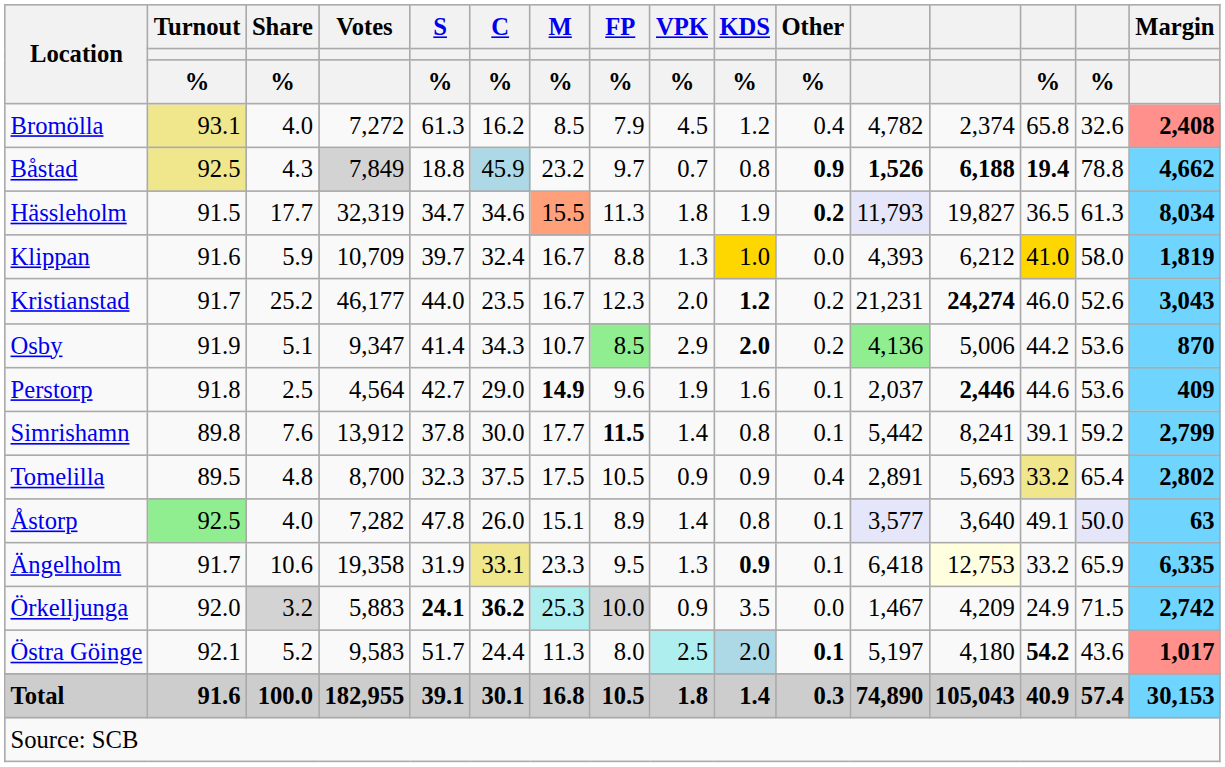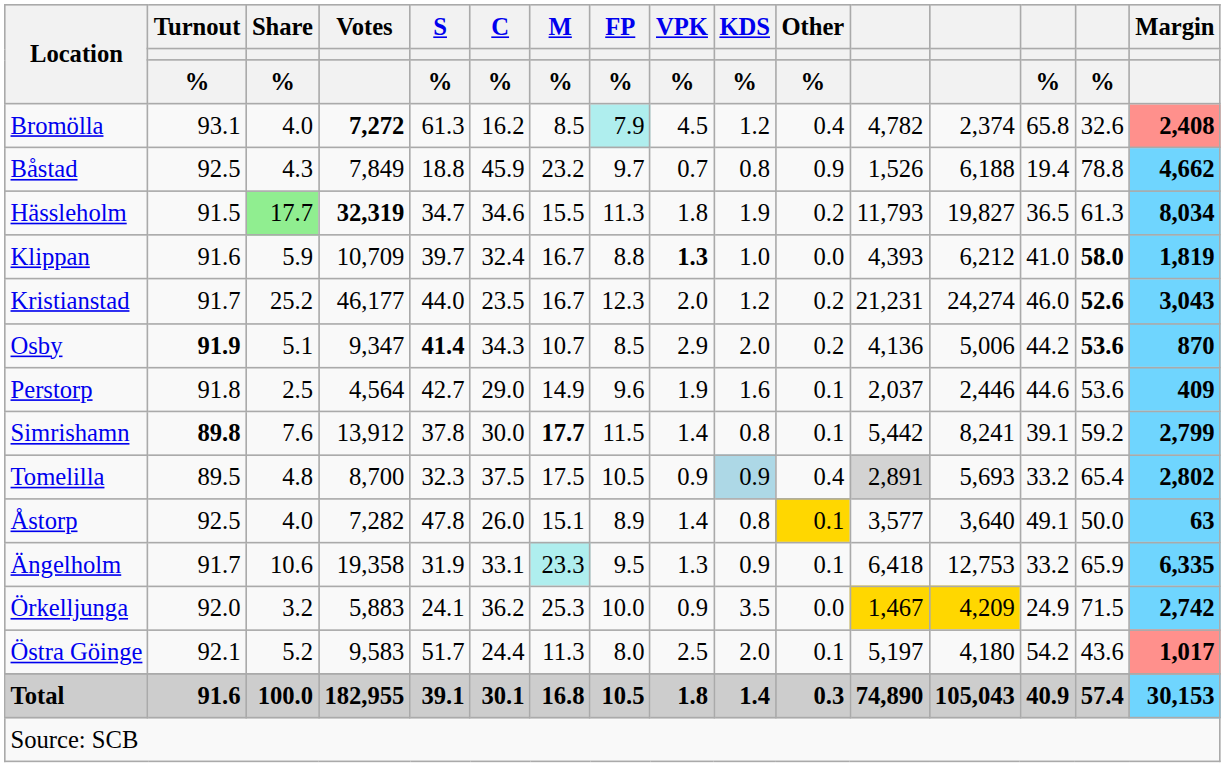 <table class="wikitable sortable" style="text-align:right; font-size:95%; line-height:20px;">
 <tr>
 <th rowspan="3">Location</th>
 <th>Turnout</th>
 <th>Share</th>
 <th>Votes</th>
 <th width="30px" class="unsortable"><a href='#'>S</a></th>
 <th width="30px" class="unsortable"><a href='#'>C</a></th>
 <th width="30px" class="unsortable"><a href='#'>M</a></th>
 <th width="30px" class="unsortable"><a href='#'>FP</a></th>
 <th width="30px" class="unsortable"><a href='#'>VPK</a></th>
 <th width="30px" class="unsortable"><a href='#'>KDS</a></th>
 <th width="30px" class="unsortable">Other</th>
 <th></th>
 <th></th>
 <th></th>
 <th></th>
 <th>Margin</th>
 </tr>
 <tr>
 <th></th>
 <th></th>
 <th></th>
 <th style="background:"></th>
 <th style="background:"></th>
 <th style="background:"></th>
 <th style="background:"></th>
 <th style="background:"></th>
 <th style="background:"></th>
 <th style="background:"></th>
 <th style="background:"></th>
 <th style="background:"></th>
 <th style="background:"></th>
 <th style="background:"></th>
 <th></th>
 </tr>
 <tr>
 <th data-sort-type="number">%</th>
 <th data-sort-type="number">%</th>
 <th></th>
 <th data-sort-type="number">%</th>
 <th data-sort-type="number">%</th>
 <th data-sort-type="number">%</th>
 <th data-sort-type="number">%</th>
 <th data-sort-type="number">%</th>
 <th data-sort-type="number">%</th>
 <th data-sort-type="number">%</th>
 <th data-sort-type="number"></th>
 <th data-sort-type="number"></th>
 <th data-sort-type="number">%</th>
 <th data-sort-type="number">%</th>
 <th data-sort-type="number"></th>
 </tr>
 <tr>
 <td align=left><a href='#'>Bromölla</a></td>
-<td style="background: khaki;">93.1</td>
+<td>93.1</td>
 <td>4.0</td>
-<td>7,272</td>
+<td><strong>7,272</strong></td>
 <td>61.3</td>
 <td>16.2</td>
 <td>8.5</td>
-<td>7.9</td>
+<td style="background: paleturquoise;">7.9</td>
 <td>4.5</td>
 <td>1.2</td>
 <td>0.4</td>
 <td>4,782</td>
 <td>2,374</td>
 <td>65.8</td>
 <td>32.6</td>
 <td bgcolor=#ff908c><strong>2,408</strong></td>
 </tr>
 <tr>
 <td align=left><a href='#'>Båstad</a></td>
-<td style="background: khaki;">92.5</td>
+<td>92.5</td>
 <td>4.3</td>
-<td style="background: lightgrey;">7,849</td>
+<td>7,849</td>
 <td>18.8</td>
-<td style="background: lightblue;">45.9</td>
+<td>45.9</td>
 <td>23.2</td>
 <td>9.7</td>
 <td>0.7</td>
 <td>0.8</td>
-<td><strong>0.9</strong></td>
-<td><strong>1,526</strong></td>
-<td><strong>6,188</strong></td>
-<td><strong>19.4</strong></td>
+<td>0.9</td>
+<td>1,526</td>
+<td>6,188</td>
+<td>19.4</td>
 <td>78.8</td>
 <td bgcolor=#6fd5fe><strong>4,662</strong></td>
 </tr>
 <tr>
 <td align=left><a href='#'>Hässleholm</a></td>
 <td>91.5</td>
-<td>17.7</td>
-<td>32,319</td>
+<td style="background: lightgreen;">17.7</td>
+<td><strong>32,319</strong></td>
 <td>34.7</td>
 <td>34.6</td>
-<td style="background: lightsalmon;">15.5</td>
+<td>15.5</td>
 <td>11.3</td>
 <td>1.8</td>
 <td>1.9</td>
-<td><strong>0.2</strong></td>
-<td style="background: lavender;">11,793</td>
+<td>0.2</td>
+<td>11,793</td>
 <td>19,827</td>
 <td>36.5</td>
 <td>61.3</td>
 <td bgcolor=#6fd5fe><strong>8,034</strong></td>
 </tr>
 <tr>
 <td align=left><a href='#'>Klippan</a></td>
 <td>91.6</td>
 <td>5.9</td>
 <td>10,709</td>
 <td>39.7</td>
 <td>32.4</td>
 <td>16.7</td>
 <td>8.8</td>
-<td>1.3</td>
-<td style="background: gold;">1.0</td>
+<td><strong>1.3</strong></td>
+<td>1.0</td>
 <td>0.0</td>
 <td>4,393</td>
 <td>6,212</td>
-<td style="background: gold;">41.0</td>
-<td>58.0</td>
+<td>41.0</td>
+<td><strong>58.0</strong></td>
 <td bgcolor=#6fd5fe><strong>1,819</strong></td>
 </tr>
 <tr>
 <td align=left><a href='#'>Kristianstad</a></td>
 <td>91.7</td>
 <td>25.2</td>
 <td>46,177</td>
 <td>44.0</td>
 <td>23.5</td>
 <td>16.7</td>
 <td>12.3</td>
 <td>2.0</td>
-<td><strong>1.2</strong></td>
+<td>1.2</td>
 <td>0.2</td>
 <td>21,231</td>
-<td><strong>24,274</strong></td>
+<td>24,274</td>
 <td>46.0</td>
-<td>52.6</td>
+<td><strong>52.6</strong></td>
 <td bgcolor=#6fd5fe><strong>3,043</strong></td>
 </tr>
 <tr>
 <td align=left><a href='#'>Osby</a></td>
-<td>91.9</td>
+<td><strong>91.9</strong></td>
 <td>5.1</td>
 <td>9,347</td>
-<td>41.4</td>
+<td><strong>41.4</strong></td>
 <td>34.3</td>
 <td>10.7</td>
-<td style="background: lightgreen;">8.5</td>
+<td>8.5</td>
 <td>2.9</td>
-<td><strong>2.0</strong></td>
+<td>2.0</td>
 <td>0.2</td>
-<td style="background: lightgreen;">4,136</td>
+<td>4,136</td>
 <td>5,006</td>
 <td>44.2</td>
-<td>53.6</td>
+<td><strong>53.6</strong></td>
 <td bgcolor=#6fd5fe><strong>870</strong></td>
 </tr>
 <tr>
 <td align=left><a href='#'>Perstorp</a></td>
 <td>91.8</td>
 <td>2.5</td>
 <td>4,564</td>
 <td>42.7</td>
 <td>29.0</td>
-<td><strong>14.9</strong></td>
+<td>14.9</td>
 <td>9.6</td>
 <td>1.9</td>
 <td>1.6</td>
 <td>0.1</td>
 <td>2,037</td>
-<td><strong>2,446</strong></td>
+<td>2,446</td>
 <td>44.6</td>
 <td>53.6</td>
 <td bgcolor=#6fd5fe><strong>409</strong></td>
 </tr>
 <tr>
 <td align=left><a href='#'>Simrishamn</a></td>
-<td>89.8</td>
+<td><strong>89.8</strong></td>
 <td>7.6</td>
 <td>13,912</td>
 <td>37.8</td>
 <td>30.0</td>
-<td>17.7</td>
-<td><strong>11.5</strong></td>
+<td><strong>17.7</strong></td>
+<td>11.5</td>
 <td>1.4</td>
 <td>0.8</td>
 <td>0.1</td>
 <td>5,442</td>
 <td>8,241</td>
 <td>39.1</td>
 <td>59.2</td>
 <td bgcolor=#6fd5fe><strong>2,799</strong></td>
 </tr>
 <tr>
 <td align=left><a href='#'>Tomelilla</a></td>
 <td>89.5</td>
 <td>4.8</td>
 <td>8,700</td>
 <td>32.3</td>
 <td>37.5</td>
 <td>17.5</td>
 <td>10.5</td>
 <td>0.9</td>
-<td>0.9</td>
+<td style="background: lightblue;">0.9</td>
 <td>0.4</td>
-<td>2,891</td>
+<td style="background: lightgrey;">2,891</td>
 <td>5,693</td>
-<td style="background: khaki;">33.2</td>
+<td>33.2</td>
 <td>65.4</td>
 <td bgcolor=#6fd5fe><strong>2,802</strong></td>
 </tr>
 <tr>
 <td align=left><a href='#'>Åstorp</a></td>
-<td style="background: lightgreen;">92.5</td>
+<td>92.5</td>
 <td>4.0</td>
 <td>7,282</td>
 <td>47.8</td>
 <td>26.0</td>
 <td>15.1</td>
 <td>8.9</td>
 <td>1.4</td>
 <td>0.8</td>
-<td>0.1</td>
-<td style="background: lavender;">3,577</td>
+<td style="background: gold;">0.1</td>
+<td>3,577</td>
 <td>3,640</td>
 <td>49.1</td>
-<td style="background: lavender;">50.0</td>
+<td>50.0</td>
 <td bgcolor=#6fd5fe><strong>63</strong></td>
 </tr>
 <tr>
 <td align=left><a href='#'>Ängelholm</a></td>
 <td>91.7</td>
 <td>10.6</td>
 <td>19,358</td>
 <td>31.9</td>
-<td style="background: khaki;">33.1</td>
-<td>23.3</td>
+<td>33.1</td>
+<td style="background: paleturquoise;">23.3</td>
 <td>9.5</td>
 <td>1.3</td>
-<td><strong>0.9</strong></td>
+<td>0.9</td>
 <td>0.1</td>
 <td>6,418</td>
-<td style="background: lightyellow;">12,753</td>
+<td>12,753</td>
 <td>33.2</td>
 <td>65.9</td>
 <td bgcolor=#6fd5fe><strong>6,335</strong></td>
 </tr>
 <tr>
 <td align=left><a href='#'>Örkelljunga</a></td>
 <td>92.0</td>
-<td style="background: lightgrey;">3.2</td>
+<td>3.2</td>
 <td>5,883</td>
-<td><strong>24.1</strong></td>
-<td><strong>36.2</strong></td>
-<td style="background: paleturquoise;">25.3</td>
-<td style="background: lightgrey;">10.0</td>
+<td>24.1</td>
+<td>36.2</td>
+<td>25.3</td>
+<td>10.0</td>
 <td>0.9</td>
 <td>3.5</td>
 <td>0.0</td>
-<td>1,467</td>
-<td>4,209</td>
+<td style="background: gold;">1,467</td>
+<td style="background: gold;">4,209</td>
 <td>24.9</td>
 <td>71.5</td>
 <td bgcolor=#6fd5fe><strong>2,742</strong></td>
 </tr>
 <tr>
 <td align=left><a href='#'>Östra Göinge</a></td>
 <td>92.1</td>
 <td>5.2</td>
 <td>9,583</td>
 <td>51.7</td>
 <td>24.4</td>
 <td>11.3</td>
 <td>8.0</td>
-<td style="background: paleturquoise;">2.5</td>
-<td style="background: lightblue;">2.0</td>
-<td><strong>0.1</strong></td>
+<td>2.5</td>
+<td>2.0</td>
+<td>0.1</td>
 <td>5,197</td>
 <td>4,180</td>
-<td><strong>54.2</strong></td>
+<td>54.2</td>
 <td>43.6</td>
 <td bgcolor=#ff908c><strong>1,017</strong></td>
 </tr>
 <tr>
 </tr>
 <tr style="background:#CDCDCD;">
 <td align=left><strong>Total</strong></td>
 <td><strong>91.6</strong></td>
 <td><strong>100.0</strong></td>
 <td><strong>182,955</strong></td>
 <td><strong>39.1</strong></td>
 <td><strong>30.1</strong></td>
 <td><strong>16.8</strong></td>
 <td><strong>10.5</strong></td>
 <td><strong>1.8</strong></td>
 <td><strong>1.4</strong></td>
 <td><strong>0.3</strong></td>
 <td><strong>74,890</strong></td>
 <td><strong>105,043</strong></td>
 <td><strong>40.9</strong></td>
 <td><strong>57.4</strong></td>
 <td bgcolor=#6fd5fe><strong>30,153</strong></td>
 </tr>
 <tr>
 <td align=left colspan=16>Source: SCB </td>
 </tr>
 </table>
